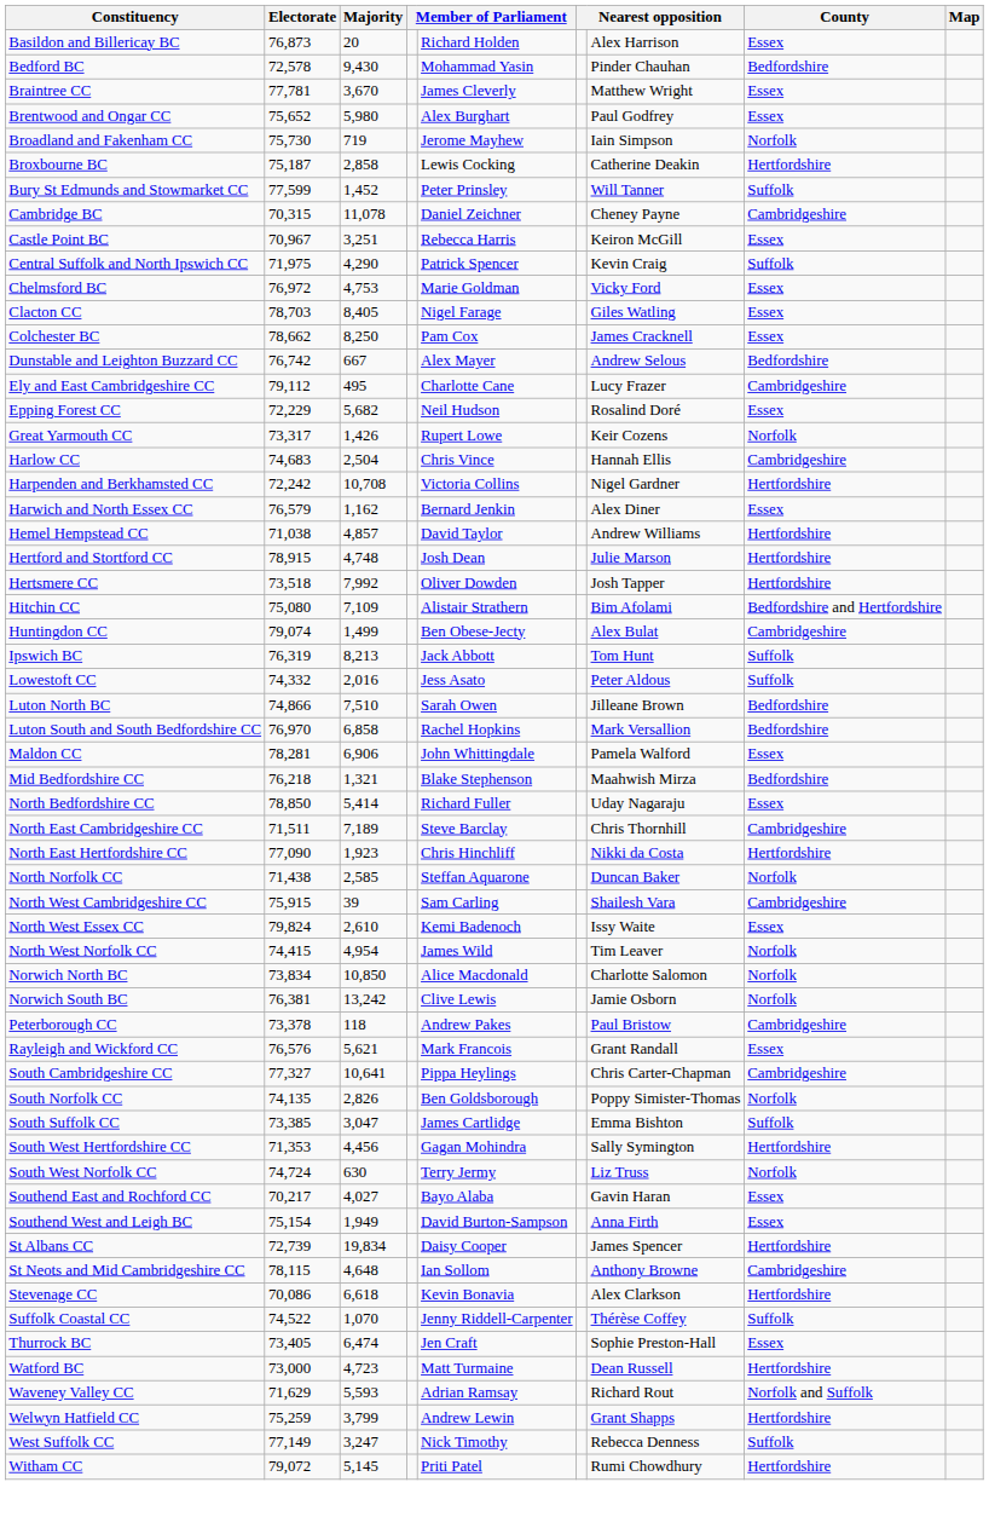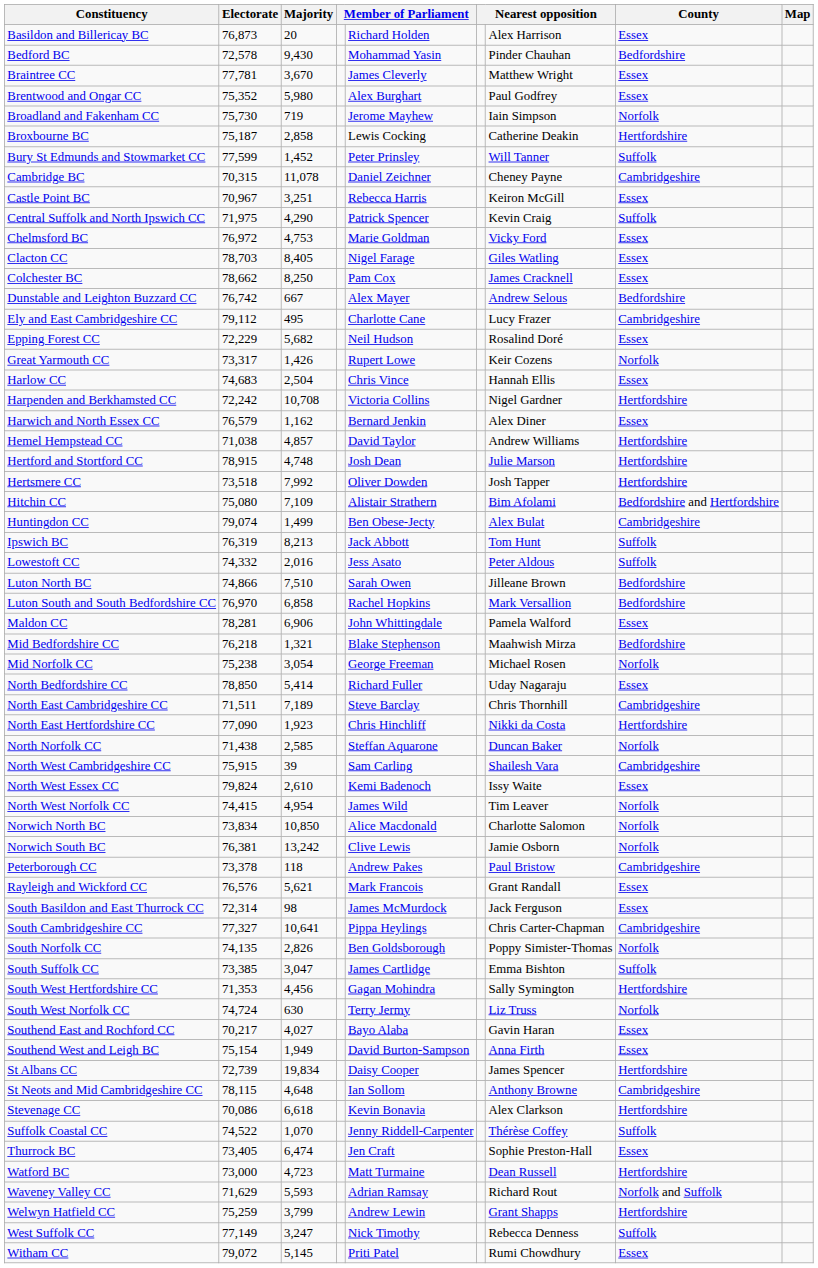 <table class="wikitable sortable sticky-header">
 <tr>
 <th>Constituency</th>
 <th rowspan="1">Electorate</th>
 <th rowspan="1">Majority</th>
 <th colspan="2"><a href='#'>Member of Parliament</a></th>
 <th colspan="2">Nearest opposition</th>
 <th rowspan="1">County</th>
 <th rowspan="1" class="unsortable">Map</th>
 </tr>
 <tr>
 <td><a href='#'>Basildon and Billericay BC</a></td>
 <td>76,873</td>
 <td>20</td>
 <td style="color:inherit;background:"> </td>
 <td><a href='#'>Richard Holden</a></td>
 <td style="color:inherit;background:"> </td>
 <td>Alex Harrison</td>
 <td><a href='#'>Essex</a></td>
 <td></td>
 </tr>
 <tr>
 <td><a href='#'>Bedford BC</a></td>
 <td>72,578</td>
 <td>9,430</td>
 <td style="color:inherit;background:"> </td>
 <td><a href='#'>Mohammad Yasin</a></td>
 <td style="color:inherit;background:"> </td>
 <td>Pinder Chauhan</td>
 <td><a href='#'>Bedfordshire</a></td>
 <td></td>
 </tr>
 <tr>
 <td><a href='#'>Braintree CC</a></td>
 <td>77,781</td>
 <td>3,670</td>
 <td style="color:inherit;background:"> </td>
 <td><a href='#'>James Cleverly</a></td>
 <td style="color:inherit;background:"> </td>
 <td>Matthew Wright</td>
 <td><a href='#'>Essex</a></td>
 <td></td>
 </tr>
 <tr>
 <td><a href='#'>Brentwood and Ongar CC</a></td>
-<td>75,652</td>
+<td>75,352</td>
 <td>5,980</td>
 <td style="color:inherit;background:"> </td>
 <td><a href='#'>Alex Burghart</a></td>
 <td style="color:inherit;background:"> </td>
 <td>Paul Godfrey</td>
 <td><a href='#'>Essex</a></td>
 <td></td>
 </tr>
 <tr>
 <td><a href='#'>Broadland and Fakenham CC</a></td>
 <td>75,730</td>
 <td>719</td>
 <td style="color:inherit;background:"> </td>
 <td><a href='#'>Jerome Mayhew</a></td>
 <td style="color:inherit;background:"> </td>
 <td>Iain Simpson</td>
 <td><a href='#'>Norfolk</a></td>
 <td></td>
 </tr>
 <tr>
 <td><a href='#'>Broxbourne BC</a></td>
 <td>75,187</td>
 <td>2,858</td>
 <td style="color:inherit;background:"> </td>
 <td>Lewis Cocking</td>
 <td style="color:inherit;background:"> </td>
 <td>Catherine Deakin</td>
 <td><a href='#'>Hertfordshire</a></td>
 <td></td>
 </tr>
 <tr>
 <td><a href='#'>Bury St Edmunds and Stowmarket CC</a></td>
 <td>77,599</td>
 <td>1,452</td>
 <td style="color:inherit;background:"> </td>
 <td><a href='#'>Peter Prinsley</a></td>
 <td style="color:inherit;background:"> </td>
 <td><a href='#'>Will Tanner</a></td>
 <td><a href='#'>Suffolk</a></td>
 <td></td>
 </tr>
 <tr>
 <td><a href='#'>Cambridge BC</a></td>
 <td>70,315</td>
 <td>11,078</td>
 <td style="color:inherit;background:"> </td>
 <td><a href='#'>Daniel Zeichner</a></td>
 <td style="color:inherit;background:"> </td>
 <td>Cheney Payne</td>
 <td><a href='#'>Cambridgeshire</a></td>
 <td></td>
 </tr>
 <tr>
 <td><a href='#'>Castle Point BC</a></td>
 <td>70,967</td>
 <td>3,251</td>
 <td style="color:inherit;background:"> </td>
 <td><a href='#'>Rebecca Harris</a></td>
 <td style="color:inherit;background:"> </td>
 <td>Keiron McGill</td>
 <td><a href='#'>Essex</a></td>
 <td></td>
 </tr>
 <tr>
 <td><a href='#'>Central Suffolk and North Ipswich CC</a></td>
 <td>71,975</td>
 <td>4,290</td>
 <td style="color:inherit;background:"> </td>
 <td><a href='#'>Patrick Spencer</a></td>
 <td style="color:inherit;background:"> </td>
 <td>Kevin Craig</td>
 <td><a href='#'>Suffolk</a></td>
 <td></td>
 </tr>
 <tr>
 <td><a href='#'>Chelmsford BC</a></td>
 <td>76,972</td>
 <td>4,753</td>
 <td style="color:inherit;background:"> </td>
 <td><a href='#'>Marie Goldman</a></td>
 <td style="color:inherit;background:"> </td>
 <td><a href='#'>Vicky Ford</a></td>
 <td><a href='#'>Essex</a></td>
 <td></td>
 </tr>
 <tr>
 <td><a href='#'>Clacton CC</a></td>
 <td>78,703</td>
 <td>8,405</td>
 <td style="color:inherit;background:"> </td>
 <td><a href='#'>Nigel Farage</a></td>
 <td style="color:inherit;background:"> </td>
 <td><a href='#'>Giles Watling</a></td>
 <td><a href='#'>Essex</a></td>
 <td></td>
 </tr>
 <tr>
 <td><a href='#'>Colchester BC</a></td>
 <td>78,662</td>
 <td>8,250</td>
 <td style="color:inherit;background:"> </td>
 <td><a href='#'>Pam Cox</a></td>
 <td style="color:inherit;background:"> </td>
 <td><a href='#'>James Cracknell</a></td>
 <td><a href='#'>Essex</a></td>
 <td></td>
 </tr>
 <tr>
 <td><a href='#'>Dunstable and Leighton Buzzard CC</a></td>
 <td>76,742</td>
 <td>667</td>
 <td style="color:inherit;background:"> </td>
 <td><a href='#'>Alex Mayer</a></td>
 <td style="color:inherit;background:"> </td>
 <td><a href='#'>Andrew Selous</a></td>
 <td><a href='#'>Bedfordshire</a></td>
 <td></td>
 </tr>
 <tr>
 <td><a href='#'>Ely and East Cambridgeshire CC</a></td>
 <td>79,112</td>
 <td>495</td>
 <td style="color:inherit;background:"> </td>
 <td><a href='#'>Charlotte Cane</a></td>
 <td style="color:inherit;background:"> </td>
 <td>Lucy Frazer</td>
 <td><a href='#'>Cambridgeshire</a></td>
 <td></td>
 </tr>
 <tr>
 <td><a href='#'>Epping Forest CC</a></td>
 <td>72,229</td>
 <td>5,682</td>
 <td style="color:inherit;background:"> </td>
 <td><a href='#'>Neil Hudson</a></td>
 <td style="color:inherit;background:"> </td>
 <td>Rosalind Doré</td>
 <td><a href='#'>Essex</a></td>
 <td></td>
 </tr>
 <tr>
 <td><a href='#'>Great Yarmouth CC</a></td>
 <td>73,317</td>
 <td>1,426</td>
 <td style="color:inherit;background:"> </td>
 <td><a href='#'>Rupert Lowe</a></td>
 <td style="color:inherit;background:"> </td>
 <td>Keir Cozens</td>
 <td><a href='#'>Norfolk</a></td>
 <td></td>
 </tr>
 <tr>
 <td><a href='#'>Harlow CC</a></td>
 <td>74,683</td>
 <td>2,504</td>
 <td style="color:inherit;background:"> </td>
 <td><a href='#'>Chris Vince</a></td>
 <td style="color:inherit;background:"> </td>
 <td>Hannah Ellis</td>
-<td><a href='#'>Cambridgeshire</a></td>
+<td><a href='#'>Essex</a></td>
 <td></td>
 </tr>
 <tr>
 <td><a href='#'>Harpenden and Berkhamsted CC</a></td>
 <td>72,242</td>
 <td>10,708</td>
 <td style="color:inherit;background:"> </td>
 <td><a href='#'>Victoria Collins</a></td>
 <td style="color:inherit;background:"> </td>
 <td>Nigel Gardner</td>
 <td><a href='#'>Hertfordshire</a></td>
 <td></td>
 </tr>
 <tr>
 <td><a href='#'>Harwich and North Essex CC</a></td>
 <td>76,579</td>
 <td>1,162</td>
 <td style="color:inherit;background:"> </td>
 <td><a href='#'>Bernard Jenkin</a></td>
 <td style="color:inherit;background:"> </td>
 <td>Alex Diner</td>
 <td><a href='#'>Essex</a></td>
 <td></td>
 </tr>
 <tr>
 <td><a href='#'>Hemel Hempstead CC</a></td>
 <td>71,038</td>
 <td>4,857</td>
 <td style="color:inherit;background:"> </td>
 <td><a href='#'>David Taylor</a></td>
 <td style="color:inherit;background:"> </td>
 <td>Andrew Williams</td>
 <td><a href='#'>Hertfordshire</a></td>
 <td></td>
 </tr>
 <tr>
 <td><a href='#'>Hertford and Stortford CC</a></td>
 <td>78,915</td>
 <td>4,748</td>
 <td style="color:inherit;background:"> </td>
 <td><a href='#'>Josh Dean</a></td>
 <td style="color:inherit;background:"> </td>
 <td><a href='#'>Julie Marson</a></td>
 <td><a href='#'>Hertfordshire</a></td>
 <td></td>
 </tr>
 <tr>
 <td><a href='#'>Hertsmere CC</a></td>
 <td>73,518</td>
 <td>7,992</td>
 <td style="color:inherit;background:"> </td>
 <td><a href='#'>Oliver Dowden</a></td>
 <td style="color:inherit;background:"> </td>
 <td>Josh Tapper</td>
 <td><a href='#'>Hertfordshire</a></td>
 <td></td>
 </tr>
 <tr>
 <td><a href='#'>Hitchin CC</a></td>
 <td>75,080</td>
 <td>7,109</td>
 <td style="color:inherit;background:"> </td>
 <td><a href='#'>Alistair Strathern</a></td>
 <td style="color:inherit;background:"> </td>
 <td><a href='#'>Bim Afolami</a></td>
 <td><a href='#'>Bedfordshire</a> and <a href='#'>Hertfordshire</a></td>
 <td></td>
 </tr>
 <tr>
 <td><a href='#'>Huntingdon CC</a></td>
 <td>79,074</td>
 <td>1,499</td>
 <td style="color:inherit;background:"> </td>
 <td><a href='#'>Ben Obese-Jecty</a></td>
 <td style="color:inherit;background:"> </td>
 <td><a href='#'>Alex Bulat</a></td>
 <td><a href='#'>Cambridgeshire</a></td>
 <td></td>
 </tr>
 <tr>
 <td><a href='#'>Ipswich BC</a></td>
 <td>76,319</td>
 <td>8,213</td>
 <td style="color:inherit;background:"> </td>
 <td><a href='#'>Jack Abbott</a></td>
 <td style="color:inherit;background:"> </td>
 <td><a href='#'>Tom Hunt</a></td>
 <td><a href='#'>Suffolk</a></td>
 <td></td>
 </tr>
 <tr>
 <td><a href='#'>Lowestoft CC</a></td>
 <td>74,332</td>
 <td>2,016</td>
 <td style="color:inherit;background:"> </td>
 <td><a href='#'>Jess Asato</a></td>
 <td style="color:inherit;background:"> </td>
 <td><a href='#'>Peter Aldous</a></td>
 <td><a href='#'>Suffolk</a></td>
 <td></td>
 </tr>
 <tr>
 <td><a href='#'>Luton North BC</a></td>
 <td>74,866</td>
 <td>7,510</td>
 <td style="color:inherit;background:"> </td>
 <td><a href='#'>Sarah Owen</a></td>
 <td style="color:inherit;background:"> </td>
 <td>Jilleane Brown</td>
 <td><a href='#'>Bedfordshire</a></td>
 <td></td>
 </tr>
 <tr>
 <td><a href='#'>Luton South and South Bedfordshire CC</a></td>
 <td>76,970</td>
 <td>6,858</td>
 <td style="color:inherit;background:"> </td>
 <td><a href='#'>Rachel Hopkins</a></td>
 <td style="color:inherit;background:"> </td>
 <td><a href='#'>Mark Versallion</a></td>
 <td><a href='#'>Bedfordshire</a></td>
 <td></td>
 </tr>
 <tr>
 <td><a href='#'>Maldon CC</a></td>
 <td>78,281</td>
 <td>6,906</td>
 <td style="color:inherit;background:"> </td>
 <td><a href='#'>John Whittingdale</a></td>
 <td style="color:inherit;background:"> </td>
 <td>Pamela Walford</td>
 <td><a href='#'>Essex</a></td>
 <td></td>
 </tr>
 <tr>
 <td><a href='#'>Mid Bedfordshire CC</a></td>
 <td>76,218</td>
 <td>1,321</td>
 <td style="color:inherit;background:"> </td>
 <td><a href='#'>Blake Stephenson</a></td>
 <td style="color:inherit;background:"> </td>
 <td>Maahwish Mirza</td>
 <td><a href='#'>Bedfordshire</a></td>
 <td></td>
 </tr>
 <tr>
+<td><a href='#'>Mid Norfolk CC</a></td>
+<td>75,238</td>
+<td>3,054</td>
+<td style="color:inherit;background:"> </td>
+<td><a href='#'>George Freeman</a></td>
+<td style="color:inherit;background:"> </td>
+<td>Michael Rosen</td>
+<td><a href='#'>Norfolk</a></td>
+<td></td>
+</tr>
+<tr>
 <td><a href='#'>North Bedfordshire CC</a></td>
 <td>78,850</td>
 <td>5,414</td>
 <td style="color:inherit;background:"> </td>
 <td><a href='#'>Richard Fuller</a></td>
 <td style="color:inherit;background:"> </td>
 <td>Uday Nagaraju</td>
 <td><a href='#'>Essex</a></td>
 <td></td>
 </tr>
 <tr>
 <td><a href='#'>North East Cambridgeshire CC</a></td>
 <td>71,511</td>
 <td>7,189</td>
 <td style="color:inherit;background:"> </td>
 <td><a href='#'>Steve Barclay</a></td>
 <td style="color:inherit;background:"> </td>
 <td>Chris Thornhill</td>
 <td><a href='#'>Cambridgeshire</a></td>
 <td></td>
 </tr>
 <tr>
 <td><a href='#'>North East Hertfordshire CC</a></td>
 <td>77,090</td>
 <td>1,923</td>
 <td style="color:inherit;background:"> </td>
 <td><a href='#'>Chris Hinchliff</a></td>
 <td style="color:inherit;background:"> </td>
 <td><a href='#'>Nikki da Costa</a></td>
 <td><a href='#'>Hertfordshire</a></td>
 <td></td>
 </tr>
 <tr>
 <td><a href='#'>North Norfolk CC</a></td>
 <td>71,438</td>
 <td>2,585</td>
 <td style="color:inherit;background:"> </td>
 <td><a href='#'>Steffan Aquarone</a></td>
 <td style="color:inherit;background:"> </td>
 <td><a href='#'>Duncan Baker</a></td>
 <td><a href='#'>Norfolk</a></td>
 <td></td>
 </tr>
 <tr>
 <td><a href='#'>North West Cambridgeshire CC</a></td>
 <td>75,915</td>
 <td>39</td>
 <td style="color:inherit;background:"> </td>
 <td><a href='#'>Sam Carling</a></td>
 <td style="color:inherit;background:"> </td>
 <td><a href='#'>Shailesh Vara</a></td>
 <td><a href='#'>Cambridgeshire</a></td>
 <td></td>
 </tr>
 <tr>
 <td><a href='#'>North West Essex CC</a></td>
 <td>79,824</td>
 <td>2,610</td>
 <td style="color:inherit;background:"> </td>
 <td><a href='#'>Kemi Badenoch</a></td>
 <td style="color:inherit;background:"> </td>
 <td>Issy Waite</td>
 <td><a href='#'>Essex</a></td>
 <td></td>
 </tr>
 <tr>
 <td><a href='#'>North West Norfolk CC</a></td>
 <td>74,415</td>
 <td>4,954</td>
 <td style="color:inherit;background:"> </td>
 <td><a href='#'>James Wild</a></td>
 <td style="color:inherit;background:"> </td>
 <td>Tim Leaver</td>
 <td><a href='#'>Norfolk</a></td>
 <td></td>
 </tr>
 <tr>
 <td><a href='#'>Norwich North BC</a></td>
 <td>73,834</td>
 <td>10,850</td>
 <td style="color:inherit;background:"> </td>
 <td><a href='#'>Alice Macdonald</a></td>
 <td style="color:inherit;background:"> </td>
 <td>Charlotte Salomon</td>
 <td><a href='#'>Norfolk</a></td>
 <td></td>
 </tr>
 <tr>
 <td><a href='#'>Norwich South BC</a></td>
 <td>76,381</td>
 <td>13,242</td>
 <td style="color:inherit;background:"> </td>
 <td><a href='#'>Clive Lewis</a></td>
 <td style="color:inherit;background:"> </td>
 <td>Jamie Osborn</td>
 <td><a href='#'>Norfolk</a></td>
 <td></td>
 </tr>
 <tr>
 <td><a href='#'>Peterborough CC</a></td>
 <td>73,378</td>
 <td>118</td>
 <td style="color:inherit;background:"> </td>
 <td><a href='#'>Andrew Pakes</a></td>
 <td style="color:inherit;background:"> </td>
 <td><a href='#'>Paul Bristow</a></td>
 <td><a href='#'>Cambridgeshire</a></td>
 <td></td>
 </tr>
 <tr>
 <td><a href='#'>Rayleigh and Wickford CC</a></td>
 <td>76,576</td>
 <td>5,621</td>
 <td style="color:inherit;background:"> </td>
 <td><a href='#'>Mark Francois</a></td>
 <td style="color:inherit;background:"> </td>
 <td>Grant Randall</td>
+<td><a href='#'>Essex</a></td>
+<td></td>
+</tr>
+<tr>
+<td><a href='#'>South Basildon and East Thurrock CC</a></td>
+<td>72,314</td>
+<td>98</td>
+<td style="color:inherit;background:"> </td>
+<td><a href='#'>James McMurdock</a></td>
+<td style="color:inherit;background:"> </td>
+<td>Jack Ferguson</td>
 <td><a href='#'>Essex</a></td>
 <td></td>
 </tr>
 <tr>
 <td><a href='#'>South Cambridgeshire CC</a></td>
 <td>77,327</td>
 <td>10,641</td>
 <td style="color:inherit;background:"> </td>
 <td><a href='#'>Pippa Heylings</a></td>
 <td style="color:inherit;background:"> </td>
 <td>Chris Carter-Chapman</td>
 <td><a href='#'>Cambridgeshire</a></td>
 <td></td>
 </tr>
 <tr>
 <td><a href='#'>South Norfolk CC</a></td>
 <td>74,135</td>
 <td>2,826</td>
 <td style="color:inherit;background:"> </td>
 <td><a href='#'>Ben Goldsborough</a></td>
 <td style="color:inherit;background:"> </td>
 <td>Poppy Simister-Thomas</td>
 <td><a href='#'>Norfolk</a></td>
 <td></td>
 </tr>
 <tr>
 <td><a href='#'>South Suffolk CC</a></td>
 <td>73,385</td>
 <td>3,047</td>
 <td style="color:inherit;background:"> </td>
 <td><a href='#'>James Cartlidge</a></td>
 <td style="color:inherit;background:"> </td>
 <td>Emma Bishton</td>
 <td><a href='#'>Suffolk</a></td>
 <td></td>
 </tr>
 <tr>
 <td><a href='#'>South West Hertfordshire CC</a></td>
 <td>71,353</td>
 <td>4,456</td>
 <td style="color:inherit;background:"> </td>
 <td><a href='#'>Gagan Mohindra</a></td>
 <td style="color:inherit;background:"> </td>
 <td>Sally Symington</td>
 <td><a href='#'>Hertfordshire</a></td>
 <td></td>
 </tr>
 <tr>
 <td><a href='#'>South West Norfolk CC</a></td>
 <td>74,724</td>
 <td>630</td>
 <td style="color:inherit;background:"> </td>
 <td><a href='#'>Terry Jermy</a></td>
 <td style="color:inherit;background:"> </td>
 <td><a href='#'>Liz Truss</a></td>
 <td><a href='#'>Norfolk</a></td>
 <td></td>
 </tr>
 <tr>
 <td><a href='#'>Southend East and Rochford CC</a></td>
 <td>70,217</td>
 <td>4,027</td>
 <td style="color:inherit;background:"> </td>
 <td><a href='#'>Bayo Alaba</a></td>
 <td style="color:inherit;background:"> </td>
 <td>Gavin Haran</td>
 <td><a href='#'>Essex</a></td>
 <td></td>
 </tr>
 <tr>
 <td><a href='#'>Southend West and Leigh BC</a></td>
 <td>75,154</td>
 <td>1,949</td>
 <td style="color:inherit;background:"> </td>
 <td><a href='#'>David Burton-Sampson</a></td>
 <td style="color:inherit;background:"> </td>
 <td><a href='#'>Anna Firth</a></td>
 <td><a href='#'>Essex</a></td>
 <td></td>
 </tr>
 <tr>
 <td><a href='#'>St Albans CC</a></td>
 <td>72,739</td>
 <td>19,834</td>
 <td style="color:inherit;background:"> </td>
 <td><a href='#'>Daisy Cooper</a></td>
 <td style="color:inherit;background:"> </td>
 <td>James Spencer</td>
 <td><a href='#'>Hertfordshire</a></td>
 <td></td>
 </tr>
 <tr>
 <td><a href='#'>St Neots and Mid Cambridgeshire CC</a></td>
 <td>78,115</td>
 <td>4,648</td>
 <td style="color:inherit;background:"> </td>
 <td><a href='#'>Ian Sollom</a></td>
 <td style="color:inherit;background:"> </td>
 <td><a href='#'>Anthony Browne</a></td>
 <td><a href='#'>Cambridgeshire</a></td>
 <td></td>
 </tr>
 <tr>
 <td><a href='#'>Stevenage CC</a></td>
 <td>70,086</td>
 <td>6,618</td>
 <td style="color:inherit;background:"> </td>
 <td><a href='#'>Kevin Bonavia</a></td>
 <td style="color:inherit;background:"> </td>
 <td>Alex Clarkson</td>
 <td><a href='#'>Hertfordshire</a></td>
 <td></td>
 </tr>
 <tr>
 <td><a href='#'>Suffolk Coastal CC</a></td>
 <td>74,522</td>
 <td>1,070</td>
 <td style="color:inherit;background:"> </td>
 <td><a href='#'>Jenny Riddell-Carpenter</a></td>
 <td style="color:inherit;background:"> </td>
 <td><a href='#'>Thérèse Coffey</a></td>
 <td><a href='#'>Suffolk</a></td>
 <td></td>
 </tr>
 <tr>
 <td><a href='#'>Thurrock BC</a></td>
 <td>73,405</td>
 <td>6,474</td>
 <td style="color:inherit;background:"> </td>
 <td><a href='#'>Jen Craft</a></td>
 <td style="color:inherit;background:"> </td>
 <td>Sophie Preston-Hall</td>
 <td><a href='#'>Essex</a></td>
 <td></td>
 </tr>
 <tr>
 <td><a href='#'>Watford BC</a></td>
 <td>73,000</td>
 <td>4,723</td>
 <td style="color:inherit;background:"> </td>
 <td><a href='#'>Matt Turmaine</a></td>
 <td style="color:inherit;background:"> </td>
 <td><a href='#'>Dean Russell</a></td>
 <td><a href='#'>Hertfordshire</a></td>
 <td></td>
 </tr>
 <tr>
 <td><a href='#'>Waveney Valley CC</a></td>
 <td>71,629</td>
 <td>5,593</td>
 <td style="color:inherit;background:"> </td>
 <td><a href='#'>Adrian Ramsay</a></td>
 <td style="color:inherit;background:"> </td>
 <td>Richard Rout</td>
 <td><a href='#'>Norfolk</a> and <a href='#'>Suffolk</a></td>
 <td></td>
 </tr>
 <tr>
 <td><a href='#'>Welwyn Hatfield CC</a></td>
 <td>75,259</td>
 <td>3,799</td>
 <td style="color:inherit;background:"> </td>
 <td><a href='#'>Andrew Lewin</a></td>
 <td style="color:inherit;background:"> </td>
 <td><a href='#'>Grant Shapps</a></td>
 <td><a href='#'>Hertfordshire</a></td>
 <td></td>
 </tr>
 <tr>
 <td><a href='#'>West Suffolk CC</a></td>
 <td>77,149</td>
 <td>3,247</td>
 <td style="color:inherit;background:"> </td>
 <td><a href='#'>Nick Timothy</a></td>
 <td style="color:inherit;background:"> </td>
 <td>Rebecca Denness</td>
 <td><a href='#'>Suffolk</a></td>
 <td></td>
 </tr>
 <tr>
 <td><a href='#'>Witham CC</a></td>
 <td>79,072</td>
 <td>5,145</td>
 <td style="color:inherit;background:"> </td>
 <td><a href='#'>Priti Patel</a></td>
 <td style="color:inherit;background:"> </td>
 <td>Rumi Chowdhury</td>
-<td><a href='#'>Hertfordshire</a></td>
+<td><a href='#'>Essex</a></td>
 <td></td>
 </tr>
 </table>
